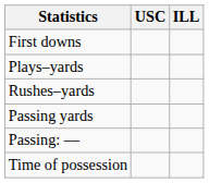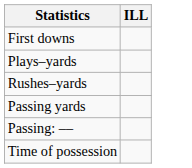 <table class="wikitable" style="float:left">
 <tr>
 <th>Statistics</th>
-<th>USC</th>
 <th>ILL</th>
 </tr>
 <tr>
 <td>First downs</td>
 <td></td>
-<td></td>
 </tr>
 <tr>
 <td>Plays–yards</td>
-<td></td>
 <td></td>
 </tr>
 <tr>
 <td>Rushes–yards</td>
 <td></td>
-<td></td>
 </tr>
 <tr>
 <td>Passing yards</td>
-<td></td>
 <td></td>
 </tr>
 <tr>
 <td>Passing: ––</td>
 <td></td>
-<td></td>
 </tr>
 <tr>
 <td>Time of possession</td>
 <td></td>
-<td></td>
 </tr>
 </table>
